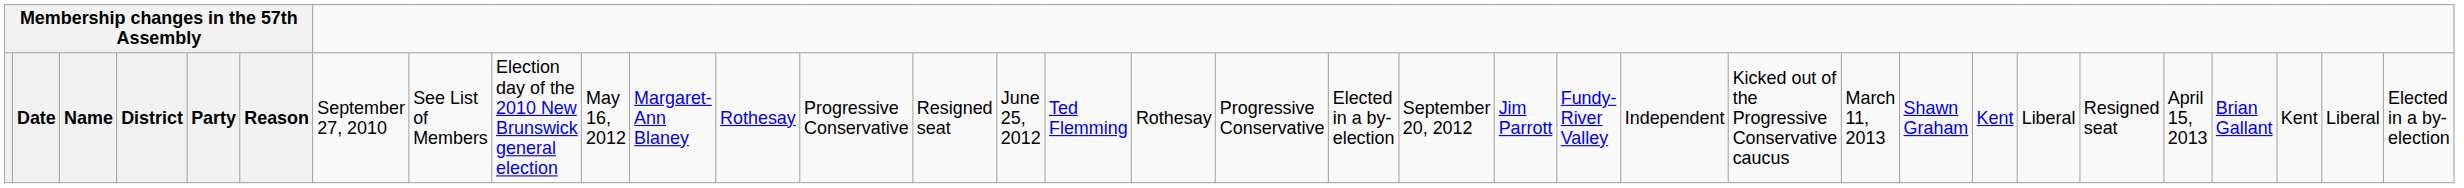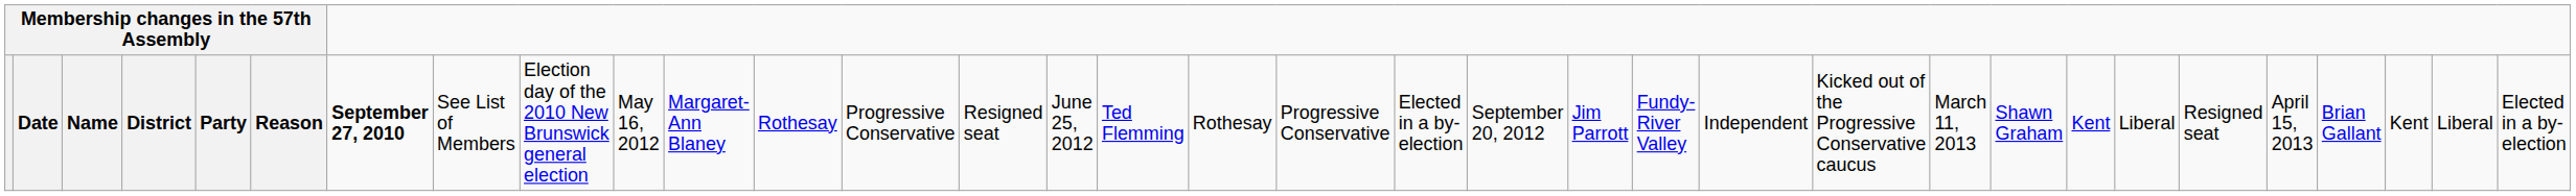 <table class="wikitable">
 <tr>
 <th colspan=6>Membership changes in the 57th Assembly</th>
 </tr>
 <tr>
 <th></th>
 <th>Date</th>
 <th>Name</th>
 <th>District</th>
 <th>Party</th>
 <th>Reason<br></th>
-<td>September 27, 2010</td>
+<td><strong>September 27, 2010</strong></td>
 <td colspan=3>See List of Members</td>
 <td>Election day of the <a href='#'>2010 New Brunswick general election</a><br></td>
 <td>May 16, 2012</td>
 <td><a href='#'>Margaret-Ann Blaney</a></td>
 <td><a href='#'>Rothesay</a></td>
 <td>Progressive Conservative</td>
 <td>Resigned seat<br></td>
 <td>June 25, 2012</td>
 <td><a href='#'>Ted Flemming</a></td>
 <td>Rothesay</td>
 <td>Progressive Conservative</td>
 <td>Elected in a by-election<br></td>
 <td>September 20, 2012</td>
 <td><a href='#'>Jim Parrott</a></td>
 <td><a href='#'>Fundy-River Valley</a></td>
 <td>Independent</td>
 <td>Kicked out of the Progressive Conservative caucus<br></td>
 <td>March 11, 2013</td>
 <td><a href='#'>Shawn Graham</a></td>
 <td><a href='#'>Kent</a></td>
 <td>Liberal</td>
 <td>Resigned seat<br></td>
 <td>April 15, 2013</td>
 <td><a href='#'>Brian Gallant</a></td>
 <td>Kent</td>
 <td>Liberal</td>
 <td>Elected in a by-election</td>
 </tr>
 </table>
